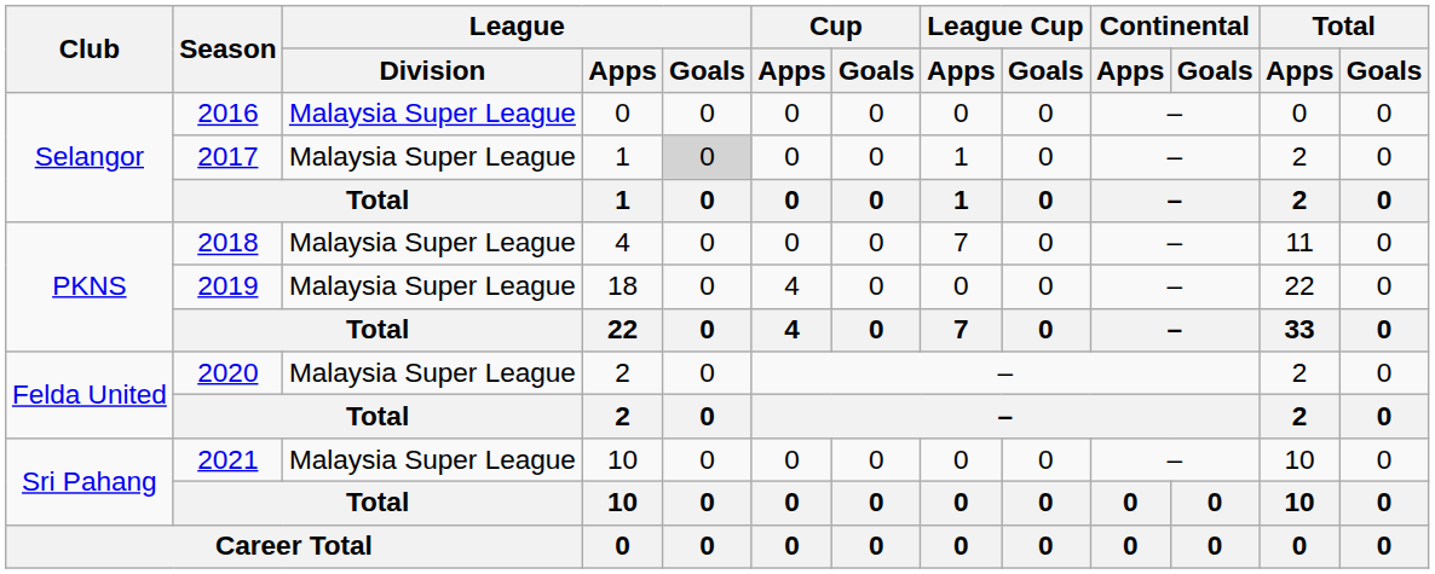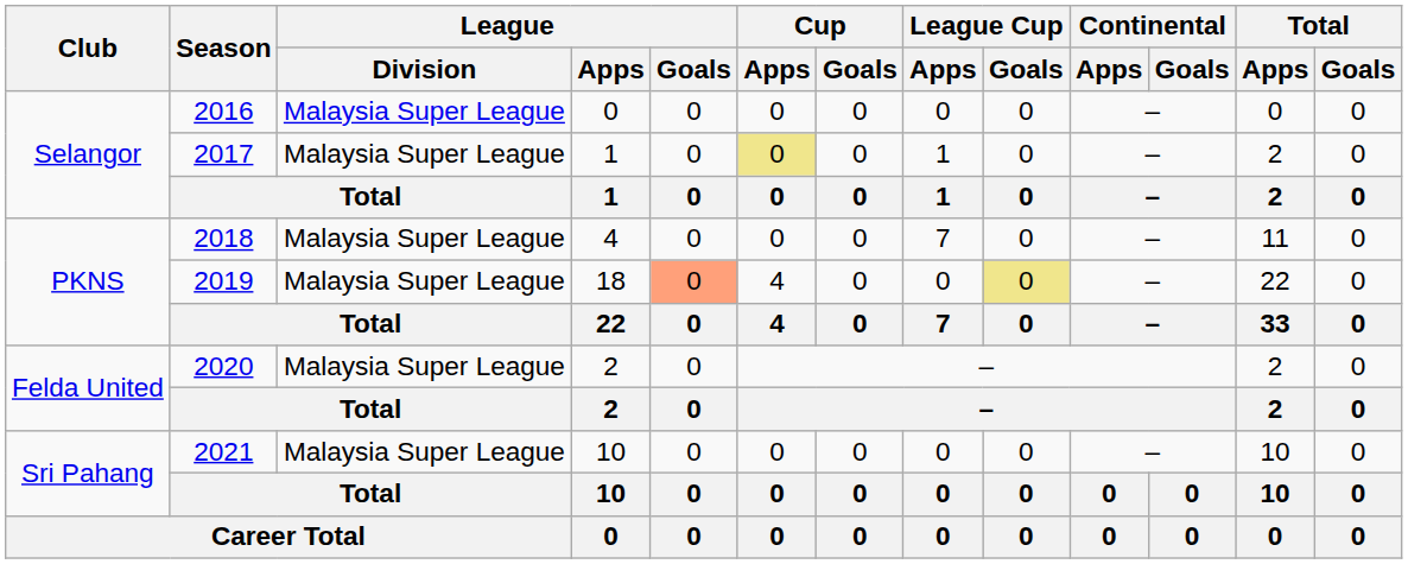 <table class=wikitable style="text-align:center">
 <tr>
 <th rowspan=2>Club</th>
 <th rowspan=2>Season</th>
 <th colspan=3>League</th>
 <th colspan=2>Cup</th>
 <th colspan=2>League Cup</th>
 <th colspan=2>Continental</th>
 <th colspan=2>Total</th>
 </tr>
 <tr>
 <th>Division</th>
 <th>Apps</th>
 <th>Goals</th>
 <th>Apps</th>
 <th>Goals</th>
 <th>Apps</th>
 <th>Goals</th>
 <th>Apps</th>
 <th>Goals</th>
 <th>Apps</th>
 <th>Goals</th>
 </tr>
 <tr>
 <td rowspan=3><a href='#'>Selangor</a></td>
 <td><a href='#'>2016</a></td>
 <td><a href='#'>Malaysia Super League</a></td>
 <td>0</td>
 <td>0</td>
 <td>0</td>
 <td>0</td>
 <td>0</td>
 <td>0</td>
 <td colspan=2>–</td>
 <td>0</td>
 <td>0</td>
 </tr>
 <tr>
 <td><a href='#'>2017</a></td>
 <td>Malaysia Super League</td>
 <td>1</td>
-<td style="background: lightgrey;">0</td>
 <td>0</td>
+<td style="background: khaki;">0</td>
 <td>0</td>
 <td>1</td>
 <td>0</td>
 <td colspan=2>–</td>
 <td>2</td>
 <td>0</td>
 </tr>
 <tr>
 <th colspan="2">Total</th>
 <th>1</th>
 <th>0</th>
 <th>0</th>
 <th>0</th>
 <th>1</th>
 <th>0</th>
 <th colspan=2>–</th>
 <th>2</th>
 <th>0</th>
 </tr>
 <tr>
 <td rowspan=3><a href='#'>PKNS</a></td>
 <td><a href='#'>2018</a></td>
 <td>Malaysia Super League</td>
 <td>4</td>
 <td>0</td>
 <td>0</td>
 <td>0</td>
 <td>7</td>
 <td>0</td>
 <td colspan=2>–</td>
 <td>11</td>
 <td>0</td>
 </tr>
 <tr>
 <td><a href='#'>2019</a></td>
 <td>Malaysia Super League</td>
 <td>18</td>
-<td>0</td>
+<td style="background: lightsalmon;">0</td>
 <td>4</td>
 <td>0</td>
 <td>0</td>
-<td>0</td>
+<td style="background: khaki;">0</td>
 <td colspan=2>–</td>
 <td>22</td>
 <td>0</td>
 </tr>
 <tr>
 <th colspan="2">Total</th>
 <th>22</th>
 <th>0</th>
 <th>4</th>
 <th>0</th>
 <th>7</th>
 <th>0</th>
 <th colspan=2>–</th>
 <th>33</th>
 <th>0</th>
 </tr>
 <tr>
 <td rowspan=2><a href='#'>Felda United</a></td>
 <td><a href='#'>2020</a></td>
 <td>Malaysia Super League</td>
 <td>2</td>
 <td>0</td>
 <td colspan=6>–</td>
 <td>2</td>
 <td>0</td>
 </tr>
 <tr>
 <th colspan="2">Total</th>
 <th>2</th>
 <th>0</th>
 <th colspan=6>–</th>
 <th>2</th>
 <th>0</th>
 </tr>
 <tr>
 <td rowspan=2><a href='#'>Sri Pahang</a></td>
 <td><a href='#'>2021</a></td>
 <td>Malaysia Super League</td>
 <td>10</td>
 <td>0</td>
 <td>0</td>
 <td>0</td>
 <td>0</td>
 <td>0</td>
 <td colspan=2>–</td>
 <td>10</td>
 <td>0</td>
 </tr>
 <tr>
 <th colspan="2">Total</th>
 <th>10</th>
 <th>0</th>
 <th>0</th>
 <th>0</th>
 <th>0</th>
 <th>0</th>
 <th>0</th>
 <th>0</th>
 <th>10</th>
 <th>0</th>
 </tr>
 <tr>
 <th colspan="3">Career Total</th>
 <th>0</th>
 <th>0</th>
 <th>0</th>
 <th>0</th>
 <th>0</th>
 <th>0</th>
 <th>0</th>
 <th>0</th>
 <th>0</th>
 <th>0</th>
 </tr>
 </table>
